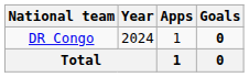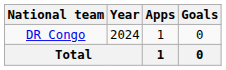 <table class=wikitable style=text-align:center>
 <tr>
 <th>National team</th>
 <th>Year</th>
 <th>Apps</th>
 <th>Goals</th>
 </tr>
 <tr>
 <td><a href='#'>DR Congo</a></td>
 <td>2024</td>
 <td>1</td>
-<td><strong>0</strong></td>
+<td>0</td>
 </tr>
 <tr>
 <th colspan="2">Total</th>
 <th>1</th>
 <th>0</th>
 </tr>
 </table>
